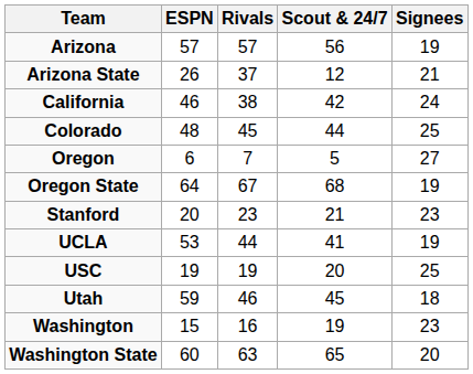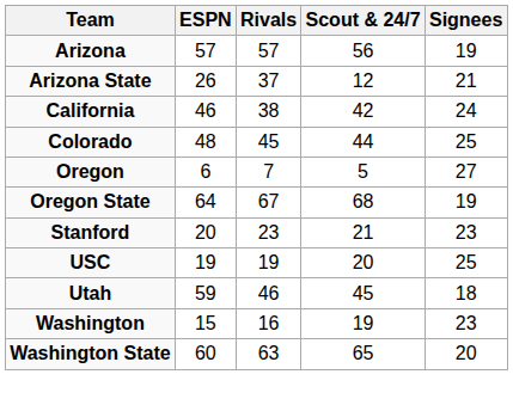 <table class="wikitable">
 <tr>
 <th>Team</th>
 <th>ESPN</th>
 <th>Rivals</th>
 <th>Scout & 24/7</th>
 <th>Signees</th>
 </tr>
 <tr style="text-align:center;">
 <td><strong>Arizona</strong></td>
 <td style="text-align:center; background:white">57</td>
 <td style="text-align:center; background:white">57</td>
 <td style="text-align:center; background:white">56</td>
 <td style="text-align:center; background:white">19</td>
 </tr>
 <tr style="text-align:center;">
 <td><strong>Arizona State</strong></td>
 <td style="text-align:center; background:white">26</td>
 <td style="text-align:center; background:white">37</td>
 <td style="text-align:center; background:white">12</td>
 <td style="text-align:center; background:white">21</td>
 </tr>
 <tr style="text-align:center;">
 <td><strong>California</strong></td>
 <td style="text-align:center; background:white">46</td>
 <td style="text-align:center; background:white">38</td>
 <td style="text-align:center; background:white">42</td>
 <td style="text-align:center; background:white">24</td>
 </tr>
 <tr style="text-align:center;">
 <td><strong>Colorado</strong></td>
 <td style="text-align:center; background:white">48</td>
 <td style="text-align:center; background:white">45</td>
 <td style="text-align:center; background:white">44</td>
 <td style="text-align:center; background:white">25</td>
 </tr>
 <tr style="text-align:center;">
 <td><strong>Oregon</strong></td>
 <td style="text-align:center; background:white">6</td>
 <td style="text-align:center; background:white">7</td>
 <td style="text-align:center; background:white">5</td>
 <td style="text-align:center; background:white">27</td>
 </tr>
 <tr style="text-align:center;">
 <td><strong>Oregon State</strong></td>
 <td style="text-align:center; background:white">64</td>
 <td style="text-align:center; background:white">67</td>
 <td style="text-align:center; background:white">68</td>
 <td style="text-align:center; background:white">19</td>
 </tr>
 <tr style="text-align:center;">
 <td><strong>Stanford</strong></td>
 <td style="text-align:center; background:white">20</td>
 <td style="text-align:center; background:white">23</td>
 <td style="text-align:center; background:white">21</td>
 <td style="text-align:center; background:white">23</td>
 </tr>
 <tr style="text-align:center;">
-<td><strong>UCLA</strong></td>
-<td style="text-align:center; background:white">53</td>
-<td style="text-align:center; background:white">44</td>
-<td style="text-align:center; background:white">41</td>
-<td style="text-align:center; background:white">19</td>
-</tr>
-<tr style="text-align:center;">
 <td><strong>USC</strong></td>
 <td style="text-align:center; background:white">19</td>
 <td style="text-align:center; background:white">19</td>
 <td style="text-align:center; background:white">20</td>
 <td style="text-align:center; background:white">25</td>
 </tr>
 <tr style="text-align:center;">
 <td><strong>Utah</strong></td>
 <td style="text-align:center; background:white">59</td>
 <td style="text-align:center; background:white">46</td>
 <td style="text-align:center; background:white">45</td>
 <td style="text-align:center; background:white">18</td>
 </tr>
 <tr style="text-align:center;">
 <td><strong>Washington</strong></td>
 <td style="text-align:center; background:white">15</td>
 <td style="text-align:center; background:white">16</td>
 <td style="text-align:center; background:white">19</td>
 <td style="text-align:center; background:white">23</td>
 </tr>
 <tr style="text-align:center;">
 <td><strong>Washington State</strong></td>
 <td style="text-align:center; background:white">60</td>
 <td style="text-align:center; background:white">63</td>
 <td style="text-align:center; background:white">65</td>
 <td style="text-align:center; background:white">20</td>
 </tr>
 </table>
